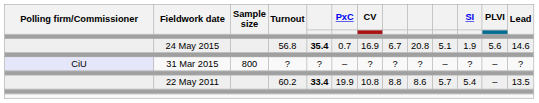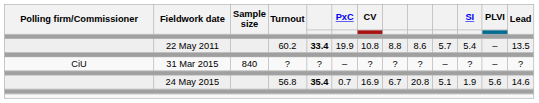 <table class="wikitable collapsible collapsed" style="text-align:center; font-size:95%; line-height:16px;">
 <tr style="height:42px;">
 <th style="width:250px;" rowspan="2">Polling firm/Commissioner</th>
 <th style="width:125px;" rowspan="2">Fieldwork date</th>
 <th style="width:50px;" rowspan="2">Sample size</th>
 <th style="width:45px;" rowspan="2">Turnout</th>
 <th style="width:35px;"></th>
 <th style="width:35px;"><a href='#'>PxC</a></th>
 <th style="width:35px;">CV</th>
 <th style="width:35px;"></th>
 <th style="width:35px;"></th>
 <th style="width:35px;"></th>
 <th style="width:35px;"><a href='#'>SI</a></th>
 <th style="width:35px;">PLVI</th>
 <th style="width:30px;" rowspan="2">Lead</th>
 </tr>
 <tr>
 <th style="color:inherit;background:"></th>
 <th style="color:inherit;background:"></th>
 <th style="color:inherit;background:#A91110;"></th>
 <th style="color:inherit;background:"></th>
 <th style="color:inherit;background:"></th>
 <th style="color:inherit;background:"></th>
 <th style="color:inherit;background:"></th>
 <th style="color:inherit;background:#006C92;"></th>
 </tr>
 <tr>
 <td colspan="13" style="background:#A0A0A0"></td>
 </tr>
 <tr style="background:#EFEFEF;">
 <td><strong></strong></td>
+<td>22 May 2011</td>
+<td></td>
+<td>60.2</td>
+<td><strong>33.4</strong><br></td>
+<td>19.9<br></td>
+<td>10.8<br></td>
+<td>8.8<br></td>
+<td>8.6<br></td>
+<td>5.7<br></td>
+<td>5.4<br></td>
+<td>–</td>
+<td style="background:">13.5</td>
+</tr>
+<tr>
+<td colspan="13" style="background:#A0A0A0"></td>
+</tr>
+<tr>
+<td>CiU</td>
+<td>31 Mar 2015</td>
+<td>840</td>
+<td>?</td>
+<td>?<br></td>
+<td>–</td>
+<td>?<br></td>
+<td>?<br></td>
+<td>?<br></td>
+<td>–</td>
+<td>?<br></td>
+<td>–</td>
+<td style="background:">?</td>
+</tr>
+<tr>
+<td colspan="13" style="background:#A0A0A0"></td>
+</tr>
+<tr style="background:#EFEFEF;">
+<td><strong></strong></td>
 <td>24 May 2015</td>
 <td></td>
 <td>56.8</td>
 <td><strong>35.4</strong><br></td>
 <td>0.7<br></td>
 <td>16.9<br></td>
 <td>6.7<br></td>
 <td>20.8<br></td>
 <td>5.1<br></td>
 <td>1.9<br></td>
 <td>5.6<br></td>
 <td style="background:">14.6</td>
 </tr>
 <tr>
 <td colspan="13" style="background:#A0A0A0"></td>
 </tr>
 <tr>
-<td style="background: lavender;">CiU</td>
-<td>31 Mar 2015</td>
-<td>800</td>
-<td>?</td>
-<td>?<br></td>
-<td>–</td>
-<td>?<br></td>
-<td>?<br></td>
-<td>?<br></td>
-<td>–</td>
-<td>?<br></td>
-<td>–</td>
-<td style="background:">?</td>
-</tr>
-<tr>
-<td colspan="13" style="background:#A0A0A0"></td>
-</tr>
-<tr style="background:#EFEFEF;">
-<td><strong></strong></td>
-<td>22 May 2011</td>
-<td></td>
-<td>60.2</td>
-<td><strong>33.4</strong><br></td>
-<td>19.9<br></td>
-<td>10.8<br></td>
-<td>8.8<br></td>
-<td>8.6<br></td>
-<td>5.7<br></td>
-<td>5.4<br></td>
-<td>–</td>
-<td style="background:">13.5</td>
-</tr>
-<tr>
-<td colspan="13" style="background:#A0A0A0"></td>
-</tr>
-<tr>
 <td align="left" colspan="13"></td>
 </tr>
 </table>
